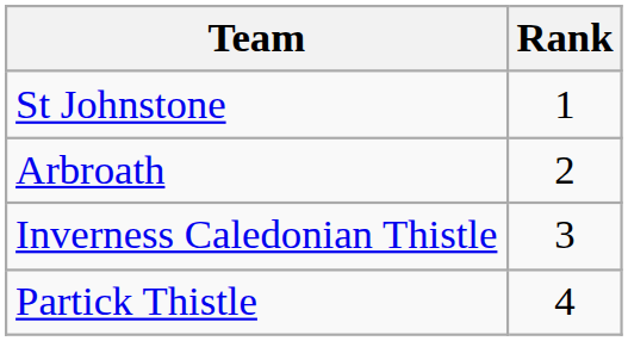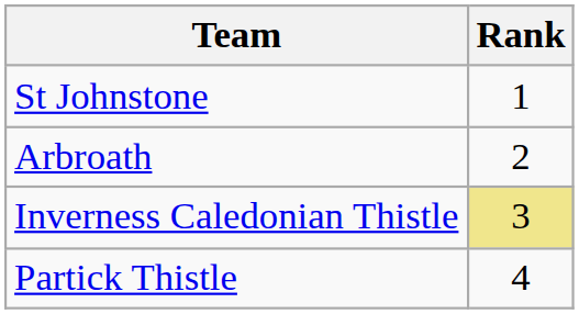 <table class="wikitable" style="text-align: center;">
 <tr>
 <th>Team</th>
 <th>Rank</th>
 </tr>
 <tr>
 <td style="text-align: left;"><a href='#'>St Johnstone</a></td>
 <td>1</td>
 </tr>
 <tr>
 <td style="text-align: left;"><a href='#'>Arbroath</a></td>
 <td>2</td>
 </tr>
 <tr>
 <td style="text-align: left;"><a href='#'>Inverness Caledonian Thistle</a></td>
-<td>3</td>
+<td style="background: khaki;">3</td>
 </tr>
 <tr>
 <td style="text-align: left;"><a href='#'>Partick Thistle</a></td>
 <td>4</td>
 </tr>
 </table>
